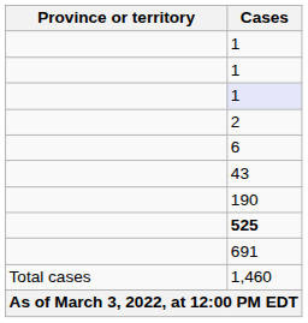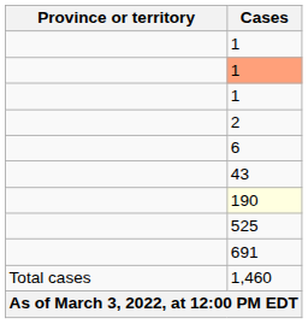 <table class="wikitable sortable">
 <tr>
 <th>Province or territory</th>
 <th>Cases</th>
 </tr>
 <tr>
 <td></td>
 <td>1</td>
 </tr>
 <tr>
 <td></td>
-<td>1</td>
+<td style="background: lightsalmon;">1</td>
 </tr>
 <tr>
 <td></td>
-<td style="background: lavender;">1</td>
+<td>1</td>
 </tr>
 <tr>
 <td></td>
 <td>2</td>
 </tr>
 <tr>
 <td></td>
 <td>6</td>
 </tr>
 <tr>
 <td></td>
 <td>43</td>
 </tr>
 <tr>
 <td></td>
-<td>190</td>
+<td style="background: lightyellow;">190</td>
 </tr>
 <tr>
 <td></td>
-<td><strong>525</strong></td>
+<td>525</td>
 </tr>
 <tr>
 <td></td>
 <td>691</td>
 </tr>
 <tr>
 <td>Total cases</td>
 <td>1,460</td>
 </tr>
 <tr>
 <th colspan="2">As of March 3, 2022, at 12:00 PM EDT</th>
 </tr>
 </table>
